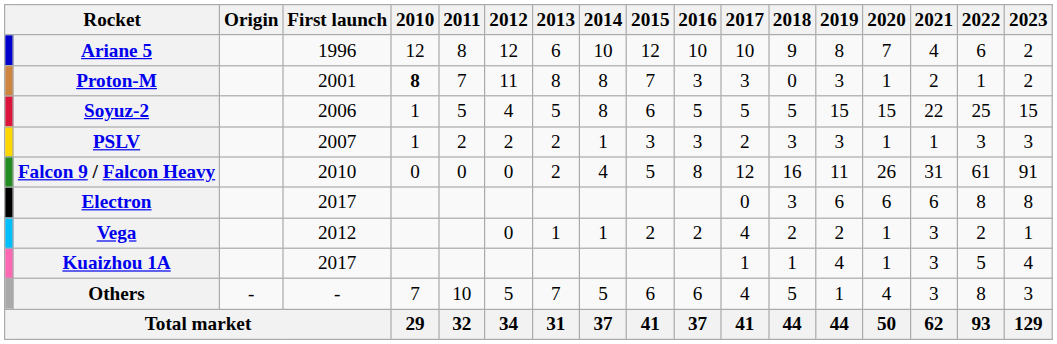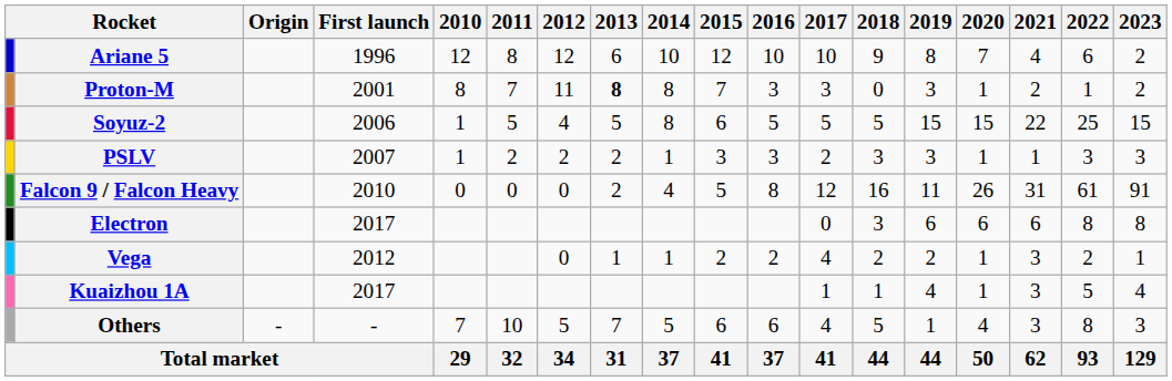 <table class="wikitable sortable" style="text-align:center;">
 <tr>
 <th colspan = 2>Rocket</th>
 <th style="text-align:left">Origin</th>
 <th data-sort-type="date">First launch</th>
 <th>2010</th>
 <th>2011</th>
 <th>2012</th>
 <th>2013</th>
 <th>2014</th>
 <th>2015</th>
 <th>2016</th>
 <th>2017</th>
 <th>2018</th>
 <th>2019</th>
 <th>2020</th>
 <th>2021</th>
 <th>2022</th>
 <th>2023</th>
 </tr>
 <tr>
 <th style="background:MediumBlue;"></th>
 <th><a href='#'>Ariane 5</a></th>
 <td></td>
 <td>1996</td>
 <td>12</td>
 <td>8</td>
 <td>12</td>
 <td>6</td>
 <td>10</td>
 <td>12</td>
 <td>10</td>
 <td>10</td>
 <td>9</td>
 <td>8</td>
 <td>7</td>
 <td>4</td>
 <td>6</td>
 <td>2</td>
 </tr>
 <tr>
 <th style="background:Peru;"></th>
 <th><a href='#'>Proton-M</a></th>
 <td></td>
 <td>2001</td>
-<td><strong>8</strong></td>
+<td>8</td>
 <td>7</td>
 <td>11</td>
-<td>8</td>
+<td><strong>8</strong></td>
 <td>8</td>
 <td>7</td>
 <td>3</td>
 <td>3</td>
 <td>0</td>
 <td>3</td>
 <td>1</td>
 <td>2</td>
 <td>1</td>
 <td>2</td>
 </tr>
 <tr>
 <th style="background:Crimson;"></th>
 <th><a href='#'>Soyuz-2</a></th>
 <td></td>
 <td>2006</td>
 <td>1</td>
 <td>5</td>
 <td>4</td>
 <td>5</td>
 <td>8</td>
 <td>6</td>
 <td>5</td>
 <td>5</td>
 <td>5</td>
 <td>15</td>
 <td>15</td>
 <td>22</td>
 <td>25</td>
 <td>15</td>
 </tr>
 <tr>
 <th style="background:Gold;"></th>
 <th><a href='#'>PSLV</a></th>
 <td></td>
 <td>2007</td>
 <td>1</td>
 <td>2</td>
 <td>2</td>
 <td>2</td>
 <td>1</td>
 <td>3</td>
 <td>3</td>
 <td>2</td>
 <td>3</td>
 <td>3</td>
 <td>1</td>
 <td>1</td>
 <td>3</td>
 <td>3</td>
 </tr>
 <tr>
 <th style="background:ForestGreen;"></th>
 <th><a href='#'>Falcon 9</a> / <a href='#'>Falcon Heavy</a></th>
 <td></td>
 <td>2010</td>
 <td>0</td>
 <td>0</td>
 <td>0</td>
 <td>2</td>
 <td>4</td>
 <td>5</td>
 <td>8</td>
 <td>12</td>
 <td>16</td>
 <td>11</td>
 <td>26</td>
 <td>31</td>
 <td>61</td>
 <td>91</td>
 </tr>
 <tr>
 <th style="background:Black;"></th>
 <th><a href='#'>Electron</a></th>
 <td></td>
 <td>2017</td>
 <td></td>
 <td></td>
 <td></td>
 <td></td>
 <td></td>
 <td></td>
 <td></td>
 <td>0</td>
 <td>3</td>
 <td>6</td>
 <td>6</td>
 <td>6</td>
 <td>8</td>
 <td>8</td>
 </tr>
 <tr>
 <th style="background:DeepSkyBlue;"></th>
 <th><a href='#'>Vega</a></th>
 <td></td>
 <td>2012</td>
 <td></td>
 <td></td>
 <td>0</td>
 <td>1</td>
 <td>1</td>
 <td>2</td>
 <td>2</td>
 <td>4</td>
 <td>2</td>
 <td>2</td>
 <td>1</td>
 <td>3</td>
 <td>2</td>
 <td>1</td>
 </tr>
 <tr>
 <th style="background:HotPink;"></th>
 <th><a href='#'>Kuaizhou 1A</a></th>
 <td></td>
 <td>2017</td>
 <td></td>
 <td></td>
 <td></td>
 <td></td>
 <td></td>
 <td></td>
 <td></td>
 <td>1</td>
 <td>1</td>
 <td>4</td>
 <td>1</td>
 <td>3</td>
 <td>5</td>
 <td>4</td>
 </tr>
 <tr>
 <th style="background:DarkGrey;"></th>
 <th>Others</th>
 <td>-</td>
 <td>-</td>
 <td>7 </td>
 <td>10 </td>
 <td>5 </td>
 <td>7 </td>
 <td>5 </td>
 <td>6 </td>
 <td>6 </td>
 <td>4 </td>
 <td>5 </td>
 <td>1 </td>
 <td>4 </td>
 <td>3 </td>
 <td>8 </td>
 <td>3 </td>
 </tr>
 <tr class="sortbottom">
 <th colspan=4>Total market</th>
 <th>29</th>
 <th>32</th>
 <th>34</th>
 <th>31</th>
 <th>37</th>
 <th>41</th>
 <th>37</th>
 <th>41</th>
 <th>44</th>
 <th>44</th>
 <th>50</th>
 <th>62</th>
 <th>93</th>
 <th>129</th>
 </tr>
 </table>
